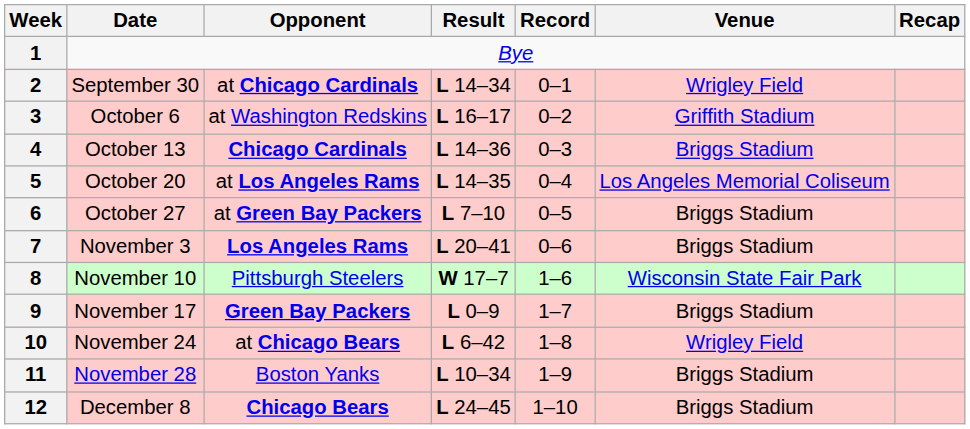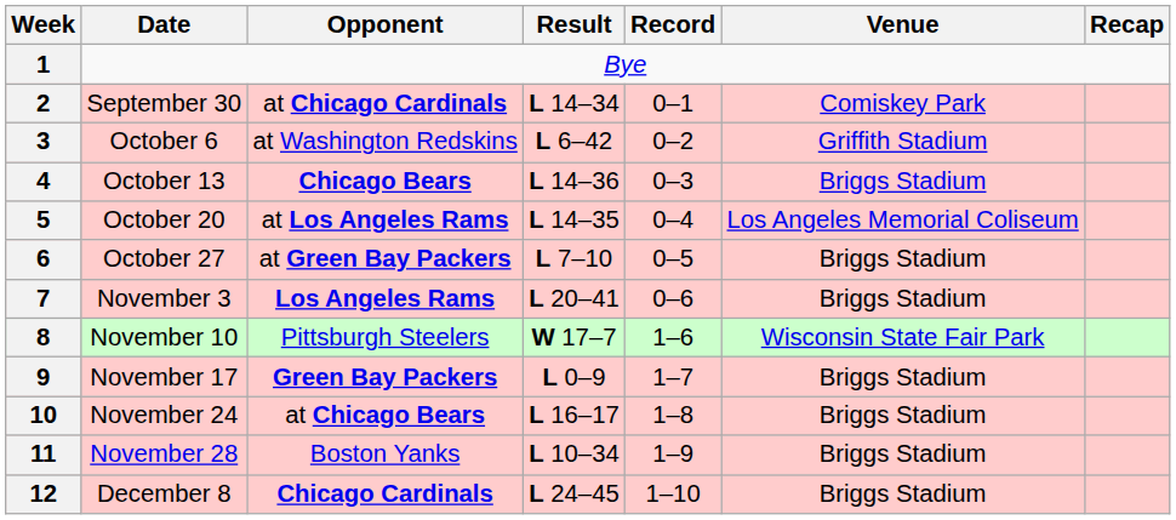 <table class="wikitable" style="text-align:center">
 <tr>
 <th>Week</th>
 <th>Date</th>
 <th>Opponent</th>
 <th>Result</th>
 <th>Record</th>
 <th>Venue</th>
 <th>Recap</th>
 </tr>
 <tr>
 <th>1</th>
 <td colspan="6"><em><a href='#'>Bye</a></em></td>
 </tr>
 <tr style="background:#fcc">
 <th>2</th>
 <td>September 30</td>
 <td>at <strong><a href='#'>Chicago Cardinals</a></strong></td>
 <td><strong>L</strong> 14–34</td>
 <td>0–1</td>
-<td><a href='#'>Wrigley Field</a></td>
+<td><a href='#'>Comiskey Park</a></td>
 <td></td>
 </tr>
 <tr style="background:#fcc">
 <th>3</th>
 <td>October 6</td>
 <td>at <a href='#'>Washington Redskins</a></td>
-<td><strong>L</strong> 16–17</td>
+<td><strong>L</strong> 6–42</td>
 <td>0–2</td>
 <td><a href='#'>Griffith Stadium</a></td>
 <td></td>
 </tr>
 <tr style="background:#fcc">
 <th>4</th>
 <td>October 13</td>
-<td><strong><a href='#'>Chicago Cardinals</a></strong></td>
+<td><strong><a href='#'>Chicago Bears</a></strong></td>
 <td><strong>L</strong> 14–36</td>
 <td>0–3</td>
 <td><a href='#'>Briggs Stadium</a></td>
 <td></td>
 </tr>
 <tr style="background:#fcc">
 <th>5</th>
 <td>October 20</td>
 <td>at <strong><a href='#'>Los Angeles Rams</a></strong></td>
 <td><strong>L</strong> 14–35</td>
 <td>0–4</td>
 <td><a href='#'>Los Angeles Memorial Coliseum</a></td>
 <td></td>
 </tr>
 <tr style="background:#fcc">
 <th>6</th>
 <td>October 27</td>
 <td>at <strong><a href='#'>Green Bay Packers</a></strong></td>
 <td><strong>L</strong> 7–10</td>
 <td>0–5</td>
 <td>Briggs Stadium</td>
 <td></td>
 </tr>
 <tr style="background:#fcc">
 <th>7</th>
 <td>November 3</td>
 <td><strong><a href='#'>Los Angeles Rams</a></strong></td>
 <td><strong>L</strong> 20–41</td>
 <td>0–6</td>
 <td>Briggs Stadium</td>
 <td></td>
 </tr>
 <tr style="background:#cfc">
 <th>8</th>
 <td>November 10</td>
 <td><a href='#'>Pittsburgh Steelers</a></td>
 <td><strong>W</strong> 17–7</td>
 <td>1–6</td>
 <td><a href='#'>Wisconsin State Fair Park</a></td>
 <td></td>
 </tr>
 <tr style="background:#fcc">
 <th>9</th>
 <td>November 17</td>
 <td><strong><a href='#'>Green Bay Packers</a></strong></td>
 <td><strong>L</strong> 0–9</td>
 <td>1–7</td>
 <td>Briggs Stadium</td>
 <td></td>
 </tr>
 <tr style="background:#fcc">
 <th>10</th>
 <td>November 24</td>
 <td>at <strong><a href='#'>Chicago Bears</a></strong></td>
-<td><strong>L</strong> 6–42</td>
+<td><strong>L</strong> 16–17</td>
 <td>1–8</td>
-<td><a href='#'>Wrigley Field</a></td>
+<td>Briggs Stadium</td>
 <td></td>
 </tr>
 <tr style="background:#fcc">
 <th>11</th>
 <td><a href='#'>November 28</a></td>
 <td><a href='#'>Boston Yanks</a></td>
 <td><strong>L</strong> 10–34</td>
 <td>1–9</td>
 <td>Briggs Stadium</td>
 <td></td>
 </tr>
 <tr style="background:#fcc">
 <th>12</th>
 <td>December 8</td>
-<td><strong><a href='#'>Chicago Bears</a></strong></td>
+<td><strong><a href='#'>Chicago Cardinals</a></strong></td>
 <td><strong>L</strong> 24–45</td>
 <td>1–10</td>
 <td>Briggs Stadium</td>
 <td></td>
 </tr>
 </table>
